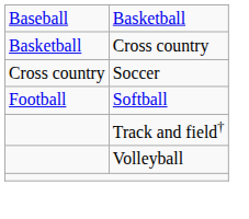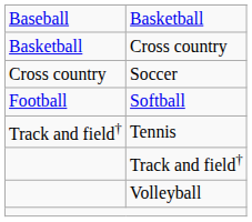 <table class="wikitable">
 <tr>
 </tr>
 <tr>
 <td><a href='#'>Baseball</a></td>
 <td><a href='#'>Basketball</a></td>
 </tr>
 <tr>
 <td><a href='#'>Basketball</a></td>
 <td>Cross country</td>
 </tr>
 <tr>
 <td>Cross country</td>
 <td>Soccer</td>
 </tr>
 <tr>
 <td><a href='#'>Football</a></td>
 <td><a href='#'>Softball</a></td>
 </tr>
 <tr>
+<td>Track and field<sup>†</sup></td>
+<td>Tennis</td>
+</tr>
+<tr>
 <td></td>
 <td>Track and field<sup>†</sup></td>
 </tr>
 <tr>
 <td></td>
 <td>Volleyball</td>
 </tr>
 <tr>
 <td colspan="2"></td>
 </tr>
 </table>
